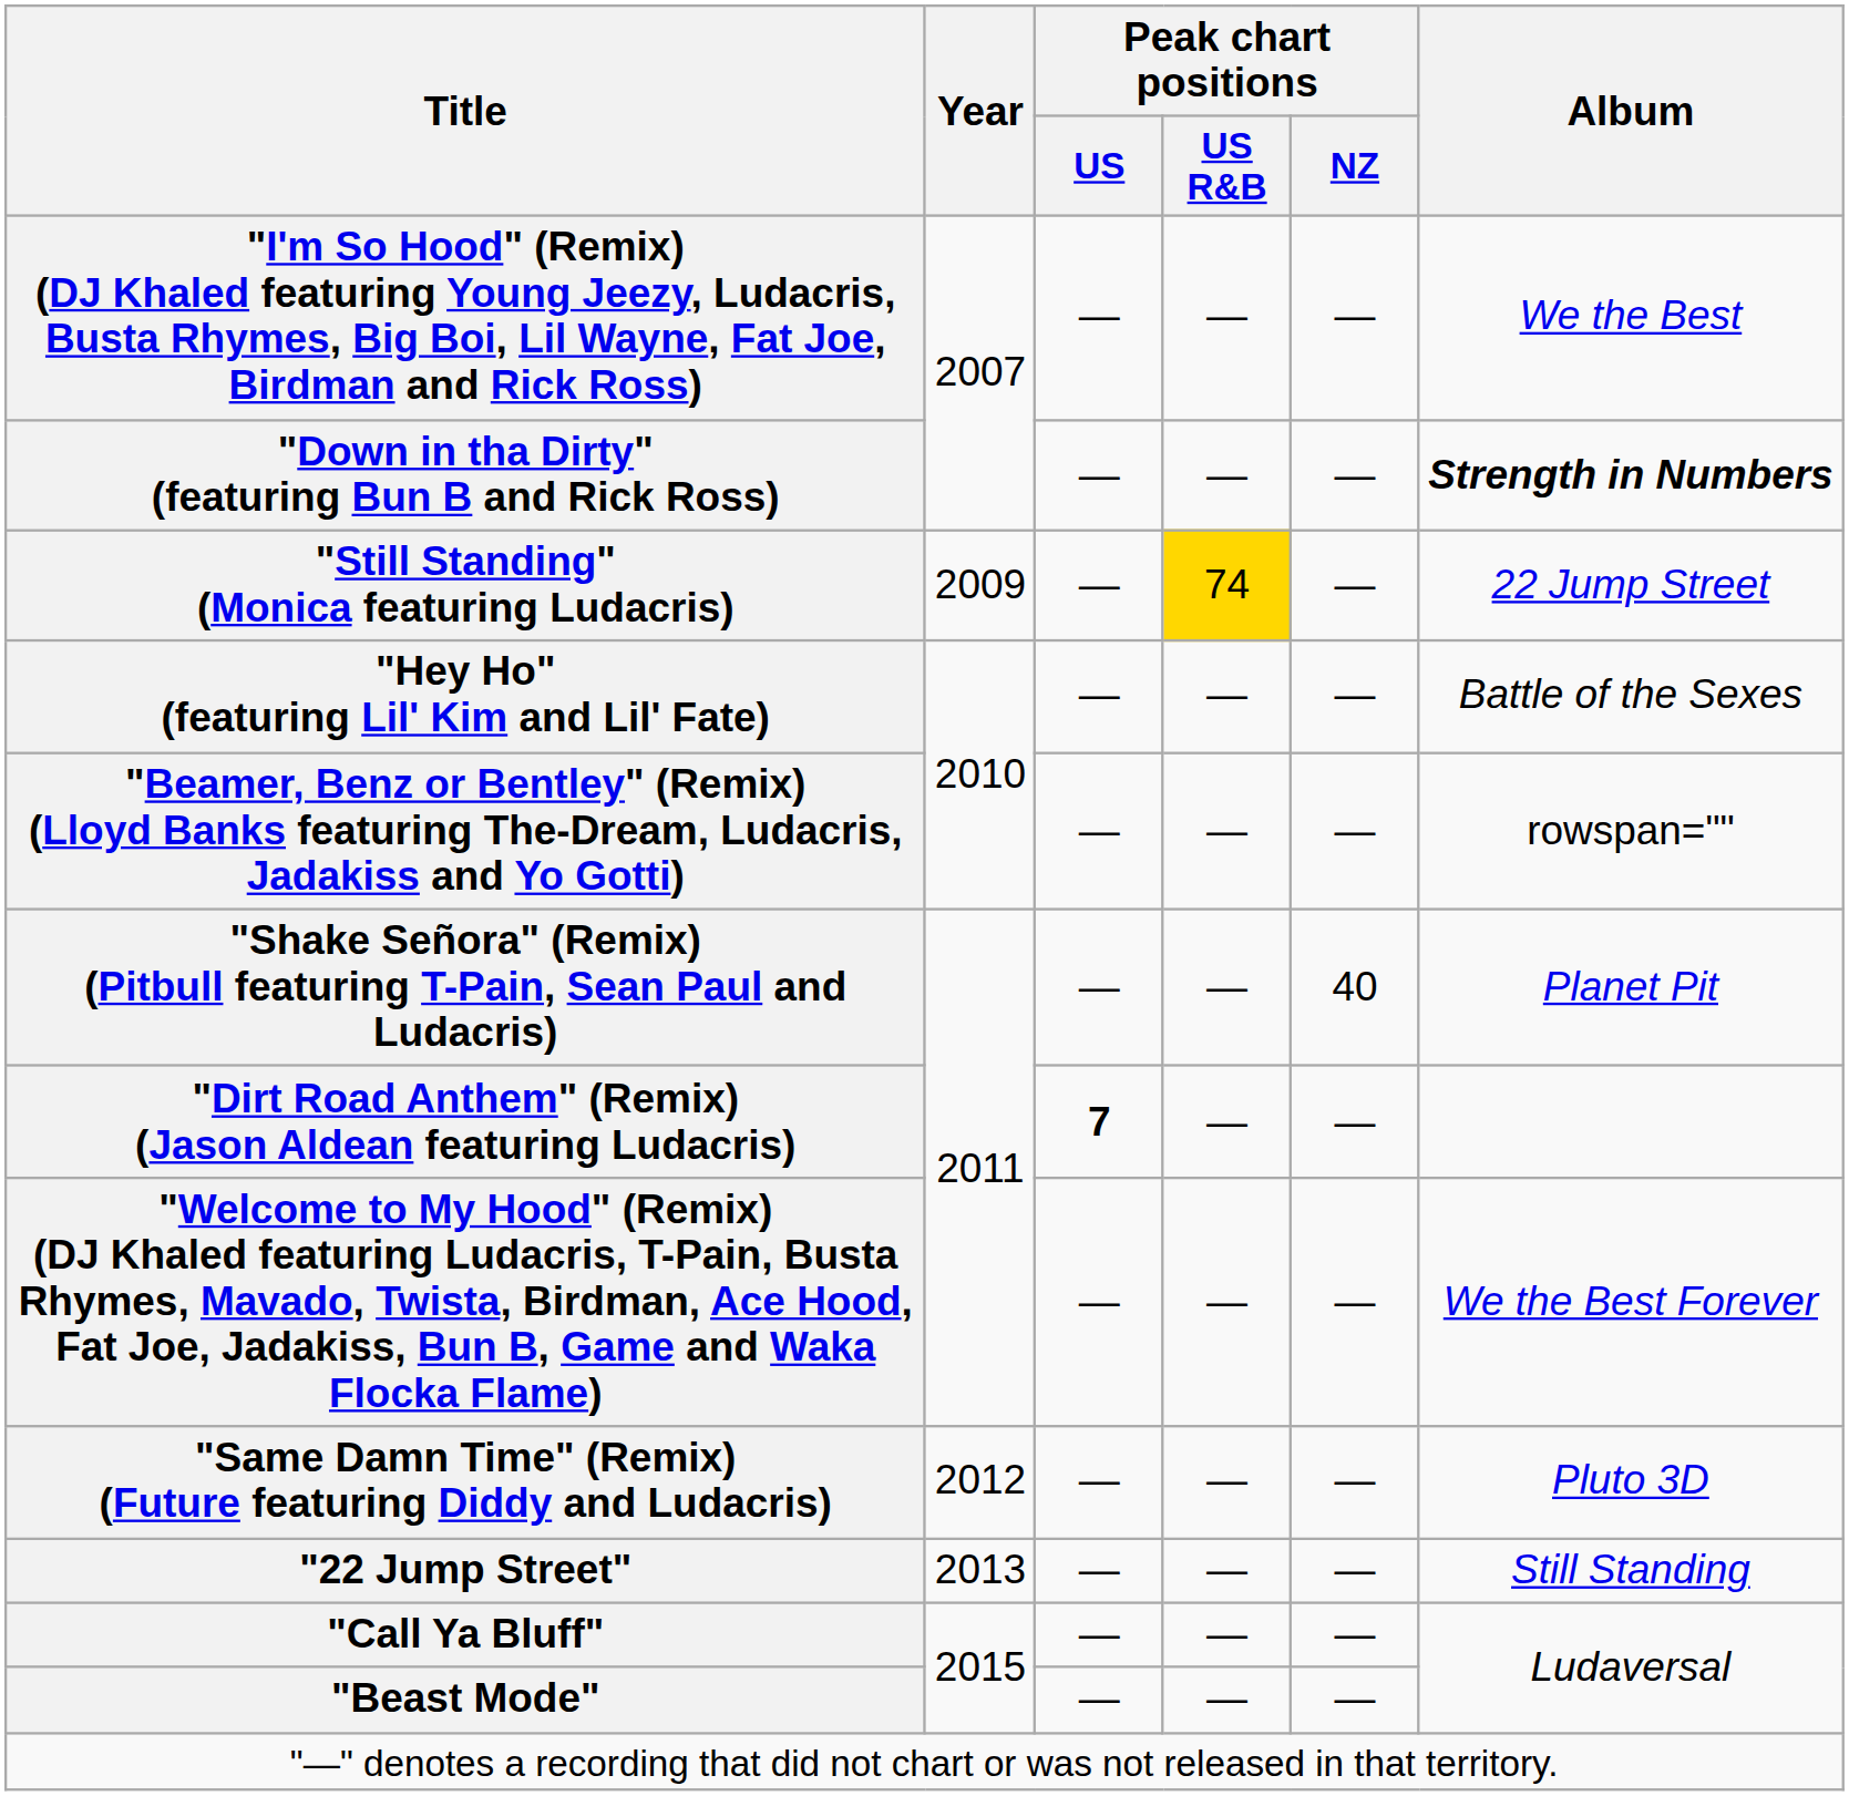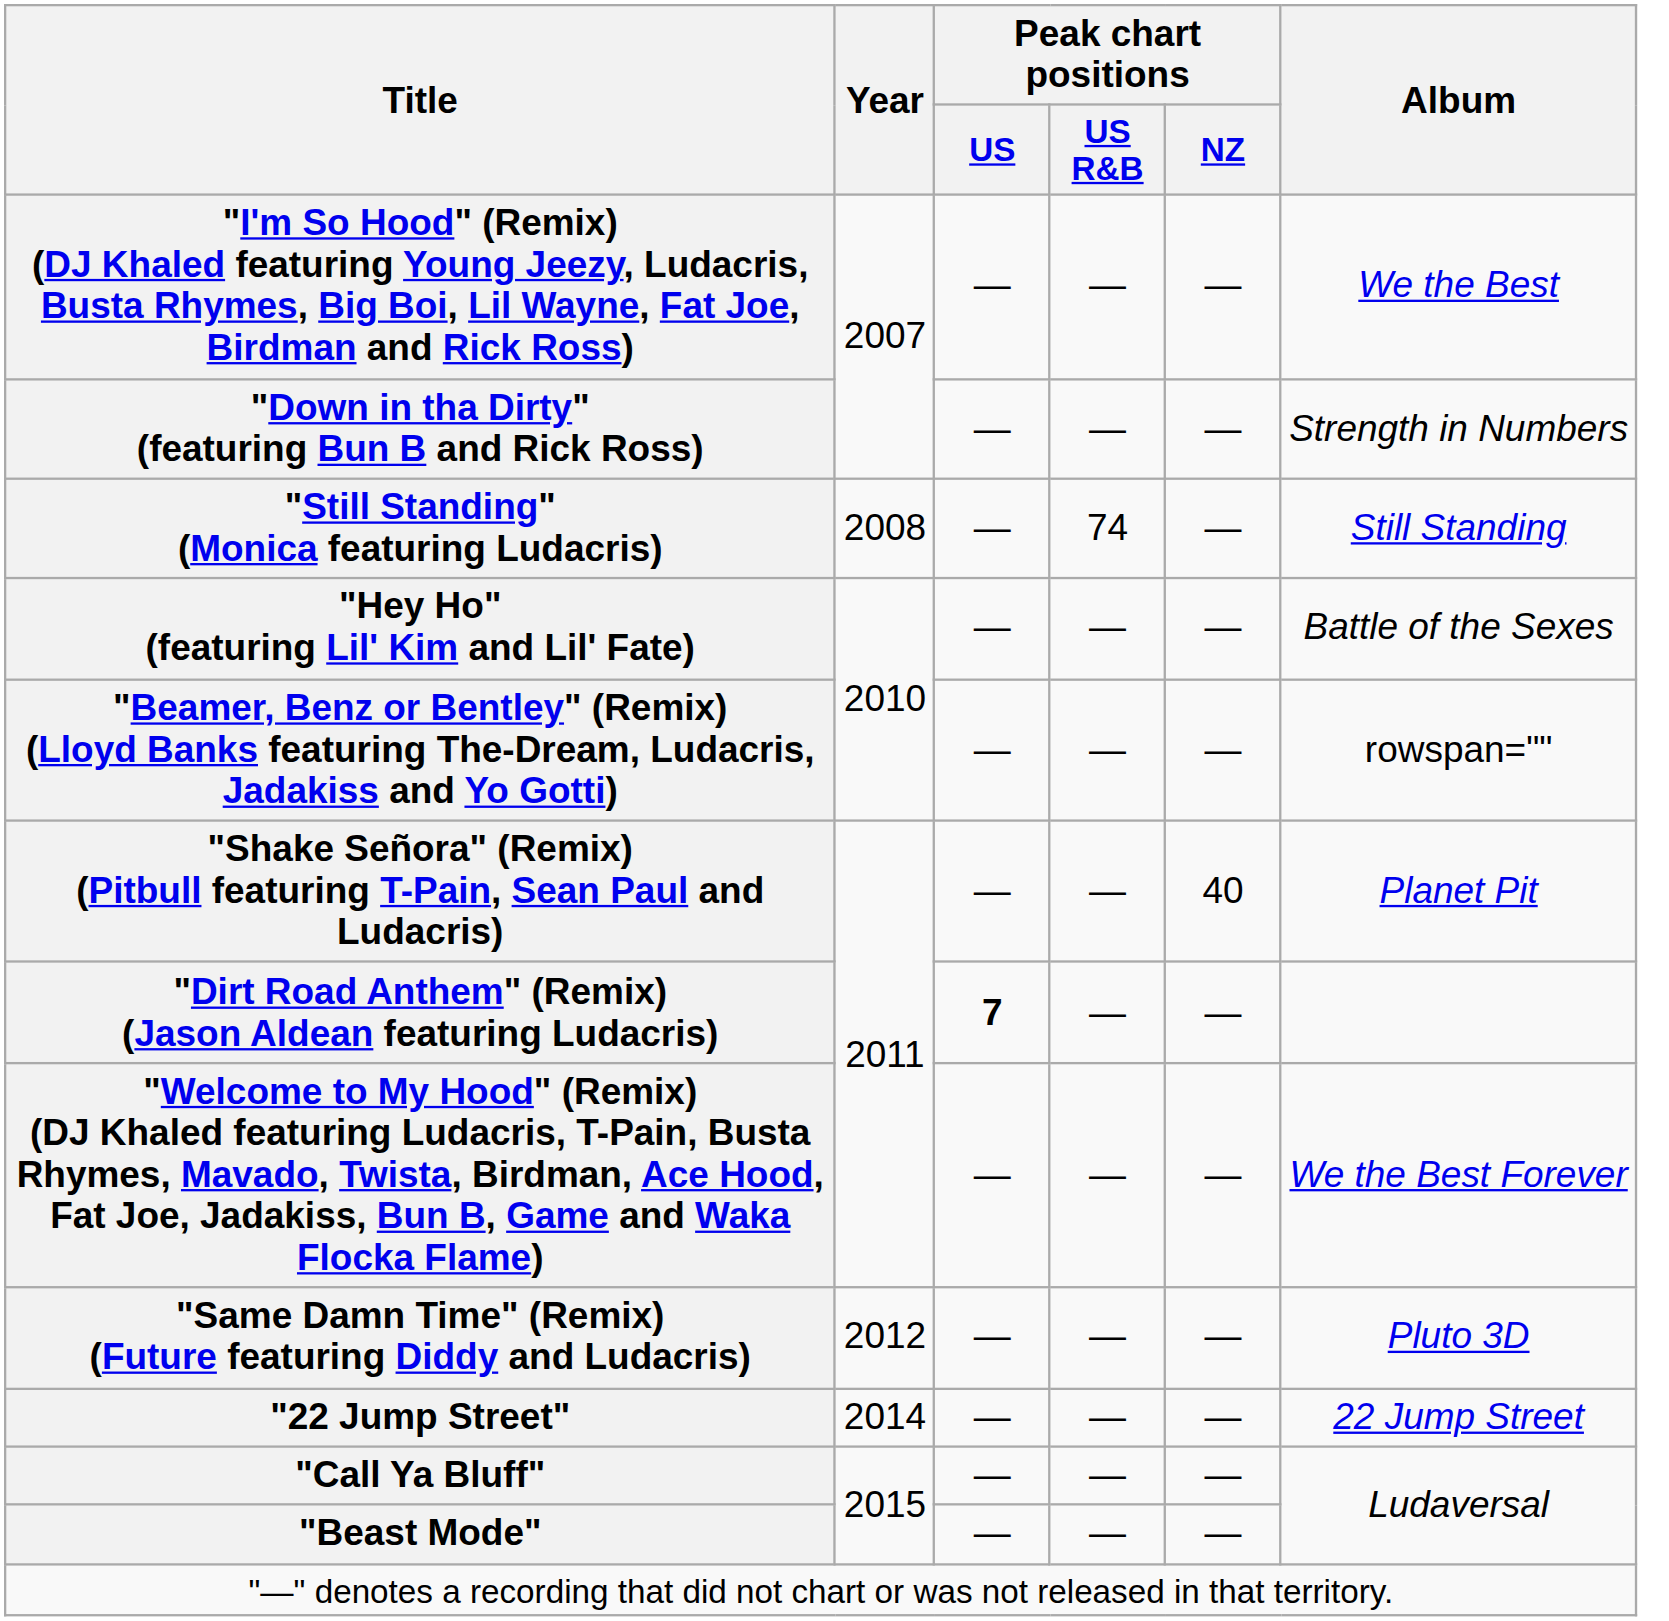 <table class="wikitable plainrowheaders" style="text-align:center;">
 <tr>
 <th scope="col" rowspan="2" style="width:22em;">Title</th>
 <th scope="col" rowspan="2">Year</th>
 <th scope="col" colspan="3">Peak chart positions</th>
 <th scope="col" rowspan="2">Album</th>
 </tr>
 <tr>
 <th scope="col" style="width:3em; font-size:90%"><a href='#'>US</a><br></th>
 <th scope="col" style="width:3em; font-size:90%"><a href='#'>US<br>R&B</a><br></th>
 <th scope="col" style="width:3em; font-size:90%"><a href='#'>NZ</a><br></th>
 </tr>
 <tr>
 <th scope="row">"<a href='#'>I'm So Hood</a>" (Remix)<br><span>(<a href='#'>DJ Khaled</a> featuring <a href='#'>Young Jeezy</a>, Ludacris, <a href='#'>Busta Rhymes</a>, <a href='#'>Big Boi</a>, <a href='#'>Lil Wayne</a>, <a href='#'>Fat Joe</a>, <a href='#'>Birdman</a> and <a href='#'>Rick Ross</a>)</span></th>
 <td rowspan="2">2007</td>
 <td>—</td>
 <td>—</td>
 <td>—</td>
 <td><em><a href='#'>We the Best</a></em></td>
 </tr>
 <tr>
 <th scope="row">"<a href='#'>Down in tha Dirty</a>"<br><span>(featuring <a href='#'>Bun B</a> and Rick Ross)</span></th>
 <td>—</td>
 <td>—</td>
 <td>—</td>
-<td><strong><em>Strength in Numbers</em></strong></td>
+<td><em>Strength in Numbers</em></td>
 </tr>
 <tr>
 <th scope="row">"<a href='#'>Still Standing</a>"<br><span>(<a href='#'>Monica</a> featuring Ludacris)</span></th>
-<td>2009</td>
+<td>2008</td>
 <td>—</td>
-<td style="background: gold;">74</td>
+<td>74</td>
 <td>—</td>
-<td><em><a href='#'>22 Jump Street</a></em></td>
+<td><em><a href='#'>Still Standing</a></em></td>
 </tr>
 <tr>
 <th scope="row">"Hey Ho"<br><span>(featuring <a href='#'>Lil' Kim</a> and Lil' Fate)</span></th>
 <td rowspan="2">2010</td>
 <td>—</td>
 <td>—</td>
 <td>—</td>
 <td><em>Battle of the Sexes</em></td>
 </tr>
 <tr>
 <th scope="row">"<a href='#'>Beamer, Benz or Bentley</a>" (Remix)<br><span>(<a href='#'>Lloyd Banks</a> featuring The-Dream, Ludacris, <a href='#'>Jadakiss</a> and <a href='#'>Yo Gotti</a>)</span></th>
 <td>—</td>
 <td>—</td>
 <td>—</td>
 <td>rowspan="" </td>
 </tr>
 <tr>
 <th scope="row">"Shake Señora" (Remix)<br><span>(<a href='#'>Pitbull</a> featuring <a href='#'>T-Pain</a>, <a href='#'>Sean Paul</a> and Ludacris)</span></th>
 <td rowspan="3">2011</td>
 <td>—</td>
 <td>—</td>
 <td>40</td>
 <td><em><a href='#'>Planet Pit</a></em></td>
 </tr>
 <tr>
 <th scope="row">"<a href='#'>Dirt Road Anthem</a>" (Remix)<br><span>(<a href='#'>Jason Aldean</a> featuring Ludacris)</span></th>
 <td><strong>7</strong></td>
 <td>—</td>
 <td>—</td>
 <td></td>
 </tr>
 <tr>
 <th scope="row">"<a href='#'>Welcome to My Hood</a>" (Remix)<br><span>(DJ Khaled featuring Ludacris, T-Pain, Busta Rhymes, <a href='#'>Mavado</a>, <a href='#'>Twista</a>, Birdman, <a href='#'>Ace Hood</a>, Fat Joe, Jadakiss, <a href='#'>Bun B</a>, <a href='#'>Game</a> and <a href='#'>Waka Flocka Flame</a>)</span></th>
 <td>—</td>
 <td>—</td>
 <td>—</td>
 <td><em><a href='#'>We the Best Forever</a></em></td>
 </tr>
 <tr>
 <th scope="row">"Same Damn Time" (Remix)<br><span>(<a href='#'>Future</a> featuring <a href='#'>Diddy</a> and Ludacris)</span></th>
 <td>2012</td>
 <td>—</td>
 <td>—</td>
 <td>—</td>
 <td><em><a href='#'>Pluto 3D</a></em></td>
 </tr>
 <tr>
 <th scope="row">"22 Jump Street"<br></th>
-<td>2013</td>
+<td>2014</td>
 <td>—</td>
 <td>—</td>
 <td>—</td>
-<td><em><a href='#'>Still Standing</a></em></td>
+<td><em><a href='#'>22 Jump Street</a></em></td>
 </tr>
 <tr>
 <th scope="row">"Call Ya Bluff"</th>
 <td rowspan="2">2015</td>
 <td>—</td>
 <td>—</td>
 <td>—</td>
 <td rowspan="2"><em>Ludaversal</em></td>
 </tr>
 <tr>
 <th scope="row">"Beast Mode"</th>
 <td>—</td>
 <td>—</td>
 <td>—</td>
 </tr>
 <tr>
 <td colspan="15" style="font-size:90%">"—" denotes a recording that did not chart or was not released in that territory.</td>
 </tr>
 </table>
